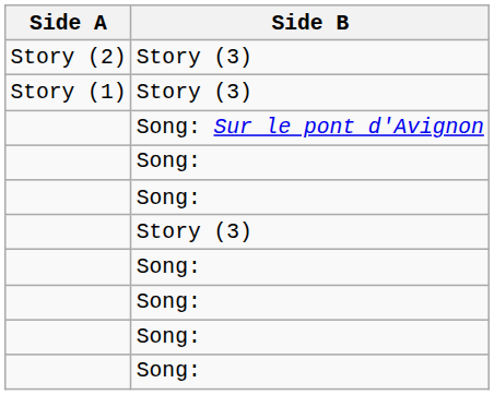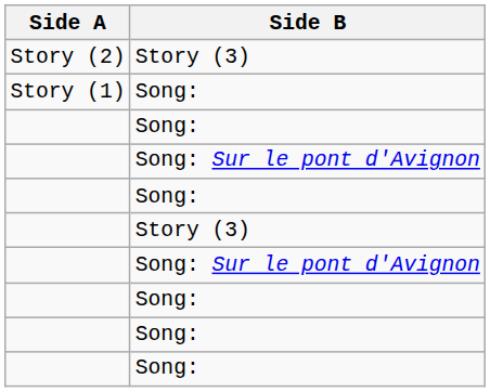 <table class="wikitable">
 <tr>
 <th>Side A</th>
 <th>Side B</th>
 </tr>
 <tr>
 <td>Story (2)</td>
 <td>Story (3)</td>
 </tr>
 <tr>
 <td>Story (1)</td>
+<td>Song: </td>
+</tr>
+<tr>
+<td></td>
+<td>Song: </td>
+</tr>
+<tr>
+<td></td>
+<td>Song: <em><a href='#'>Sur le pont d'Avignon</a></em></td>
+</tr>
+<tr>
+<td></td>
+<td>Song: </td>
+</tr>
+<tr>
+<td></td>
 <td>Story (3)</td>
 </tr>
 <tr>
 <td></td>
 <td>Song: <em><a href='#'>Sur le pont d'Avignon</a></em></td>
 </tr>
 <tr>
 <td></td>
 <td>Song: </td>
 </tr>
 <tr>
 <td></td>
 <td>Song: </td>
 </tr>
 <tr>
 <td></td>
-<td>Story (3)</td>
-</tr>
-<tr>
-<td></td>
-<td>Song: </td>
-</tr>
-<tr>
-<td></td>
-<td>Song: </td>
-</tr>
-<tr>
-<td></td>
-<td>Song: </td>
-</tr>
-<tr>
-<td></td>
 <td>Song: </td>
 </tr>
 </table>
